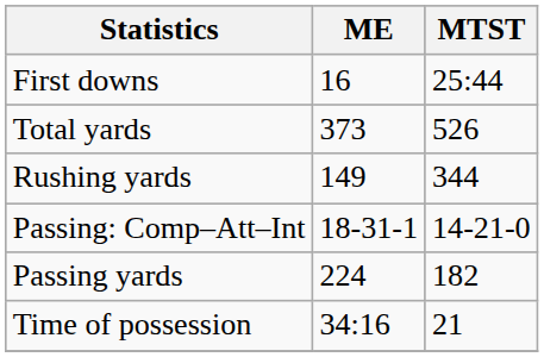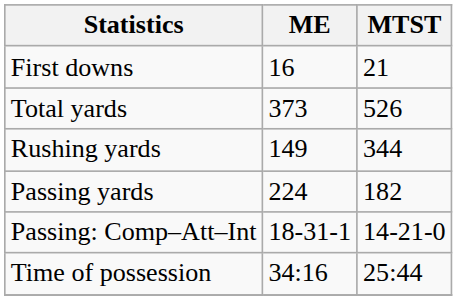 <table class="wikitable" style="float: left;">
 <tr>
 <th>Statistics</th>
 <th>ME</th>
 <th>MTST</th>
 </tr>
 <tr>
 <td>First downs</td>
 <td>16</td>
-<td>25:44</td>
+<td>21</td>
 </tr>
 <tr>
 <td>Total yards</td>
 <td>373</td>
 <td>526</td>
 </tr>
 <tr>
 <td>Rushing yards</td>
 <td>149</td>
 <td>344</td>
 </tr>
 <tr>
+<td>Passing yards</td>
+<td>224</td>
+<td>182</td>
+</tr>
+<tr>
 <td>Passing: Comp–Att–Int</td>
 <td>18-31-1</td>
 <td>14-21-0</td>
 </tr>
 <tr>
-<td>Passing yards</td>
-<td>224</td>
-<td>182</td>
-</tr>
-<tr>
 <td>Time of possession</td>
 <td>34:16</td>
-<td>21</td>
+<td>25:44</td>
 </tr>
 <tr>
 </tr>
 </table>
